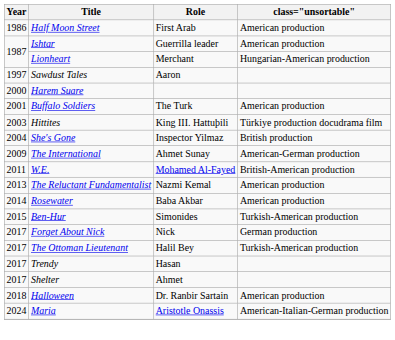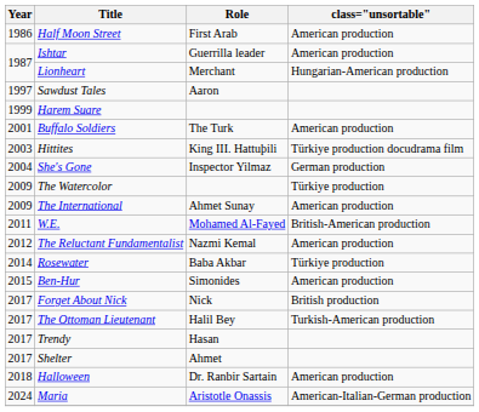 <table class="wikitable sortable">
 <tr>
 <th>Year</th>
 <th>Title</th>
 <th>Role</th>
 <th>class="unsortable"</th>
 </tr>
 <tr>
 <td>1986</td>
 <td><em><a href='#'>Half Moon Street</a></em></td>
 <td>First Arab</td>
 <td>American production</td>
 </tr>
 <tr>
 <td rowspan=2>1987</td>
 <td><em><a href='#'>Ishtar</a></em></td>
 <td>Guerrilla leader</td>
 <td>American production</td>
 </tr>
 <tr>
 <td><em><a href='#'>Lionheart</a></em></td>
 <td>Merchant</td>
 <td>Hungarian-American production</td>
 </tr>
 <tr>
 <td>1997</td>
 <td><em>Sawdust Tales</em></td>
 <td>Aaron</td>
 <td></td>
 </tr>
 <tr>
-<td>2000</td>
+<td>1999</td>
 <td><em><a href='#'>Harem Suare</a></em></td>
 <td></td>
 <td></td>
 </tr>
 <tr>
 <td>2001</td>
 <td><em><a href='#'>Buffalo Soldiers</a></em></td>
 <td>The Turk</td>
 <td>American production</td>
 </tr>
 <tr>
 <td>2003</td>
 <td><em>Hittites</em></td>
 <td>King III. Hattuþili</td>
 <td>Türkiye production docudrama film</td>
 </tr>
 <tr>
 <td>2004</td>
 <td><em><a href='#'>She's Gone</a></em></td>
 <td>Inspector Yilmaz</td>
-<td>British production</td>
+<td>German production</td>
+</tr>
+<tr>
+<td>2009</td>
+<td><em>The Watercolor</em></td>
+<td></td>
+<td>Türkiye production</td>
 </tr>
 <tr>
 <td>2009</td>
 <td><em><a href='#'>The International</a></em></td>
 <td>Ahmet Sunay</td>
-<td>American-German production</td>
+<td>American production</td>
 </tr>
 <tr>
 <td>2011</td>
 <td><em><a href='#'>W.E.</a></em></td>
 <td><a href='#'>Mohamed Al-Fayed</a></td>
 <td>British-American production</td>
 </tr>
 <tr>
-<td>2013</td>
+<td>2012</td>
 <td><em><a href='#'>The Reluctant Fundamentalist</a></em></td>
 <td>Nazmi Kemal</td>
 <td>American production</td>
 </tr>
 <tr>
 <td>2014</td>
 <td><em><a href='#'>Rosewater</a></em></td>
 <td>Baba Akbar</td>
-<td>American production</td>
+<td>Türkiye production</td>
 </tr>
 <tr>
 <td>2015</td>
 <td><em><a href='#'>Ben-Hur</a></em></td>
 <td>Simonides</td>
-<td>Turkish-American production</td>
+<td>American production</td>
 </tr>
 <tr>
 <td>2017</td>
 <td><em><a href='#'>Forget About Nick</a></em></td>
 <td>Nick</td>
-<td>German production</td>
+<td>British production</td>
 </tr>
 <tr>
 <td>2017</td>
 <td><em><a href='#'>The Ottoman Lieutenant</a></em></td>
 <td>Halil Bey</td>
 <td>Turkish-American production</td>
 </tr>
 <tr>
 <td>2017</td>
 <td><em>Trendy</em></td>
 <td>Hasan</td>
 <td></td>
 </tr>
 <tr>
 <td>2017</td>
 <td><em>Shelter</em></td>
 <td>Ahmet</td>
 <td></td>
 </tr>
 <tr>
 <td>2018</td>
 <td><em><a href='#'>Halloween</a></em></td>
 <td>Dr. Ranbir Sartain</td>
 <td>American production</td>
 </tr>
 <tr>
 <td>2024</td>
 <td><em><a href='#'>Maria</a></em></td>
 <td><a href='#'>Aristotle Onassis</a></td>
 <td>American-Italian-German production</td>
 </tr>
 <tr>
 </tr>
 </table>
